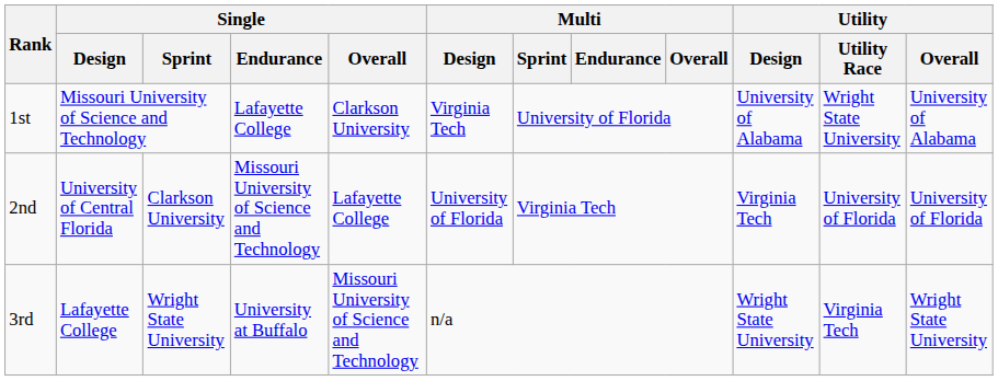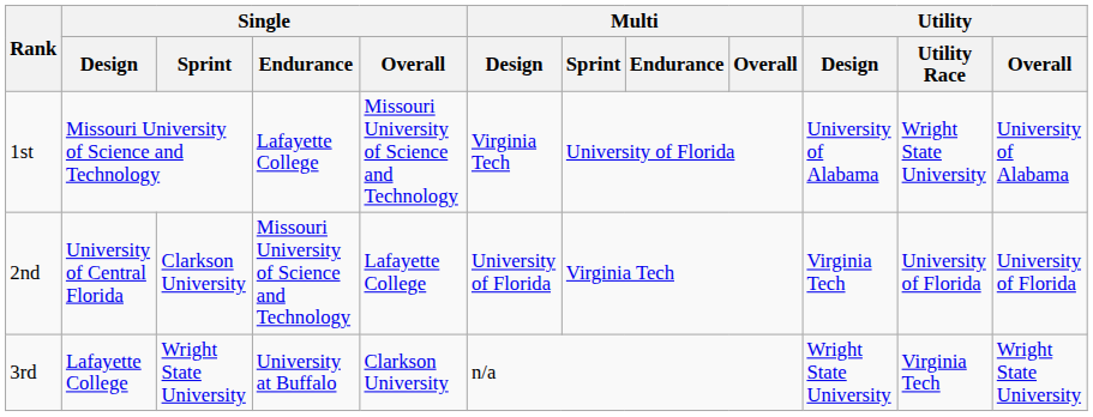 <table class="wikitable mw-collapsible">
 <tr>
 <th rowspan="2">Rank</th>
 <th colspan="4">Single</th>
 <th colspan="4">Multi</th>
 <th colspan="3">Utility</th>
 </tr>
 <tr>
 <th>Design</th>
 <th>Sprint</th>
 <th>Endurance</th>
 <th>Overall</th>
 <th>Design</th>
 <th>Sprint</th>
 <th>Endurance</th>
 <th>Overall</th>
 <th>Design</th>
 <th>Utility Race</th>
 <th>Overall</th>
 </tr>
 <tr>
 <td>1st</td>
 <td colspan="2"><a href='#'>Missouri University of Science and Technology</a></td>
 <td><a href='#'>Lafayette College</a></td>
-<td><a href='#'>Clarkson University</a></td>
+<td><a href='#'>Missouri University of Science and Technology</a></td>
 <td><a href='#'>Virginia Tech</a></td>
 <td colspan="3"><a href='#'>University of Florida</a></td>
 <td><a href='#'>University of Alabama</a></td>
 <td><a href='#'>Wright State University</a></td>
 <td><a href='#'>University of Alabama</a></td>
 </tr>
 <tr>
 <td>2nd</td>
 <td><a href='#'>University of Central Florida</a></td>
 <td><a href='#'>Clarkson University</a></td>
 <td><a href='#'>Missouri University of Science and Technology</a></td>
 <td><a href='#'>Lafayette College</a></td>
 <td><a href='#'>University of Florida</a></td>
 <td colspan="3"><a href='#'>Virginia Tech</a></td>
 <td><a href='#'>Virginia Tech</a></td>
 <td><a href='#'>University of Florida</a></td>
 <td><a href='#'>University of Florida</a></td>
 </tr>
 <tr>
 <td>3rd</td>
 <td><a href='#'>Lafayette College</a></td>
 <td><a href='#'>Wright State University</a></td>
 <td><a href='#'>University at Buffalo</a></td>
-<td><a href='#'>Missouri University of Science and Technology</a></td>
+<td><a href='#'>Clarkson University</a></td>
 <td colspan="4">n/a</td>
 <td><a href='#'>Wright State University</a></td>
 <td><a href='#'>Virginia Tech</a></td>
 <td><a href='#'>Wright State University</a></td>
 </tr>
 </table>
